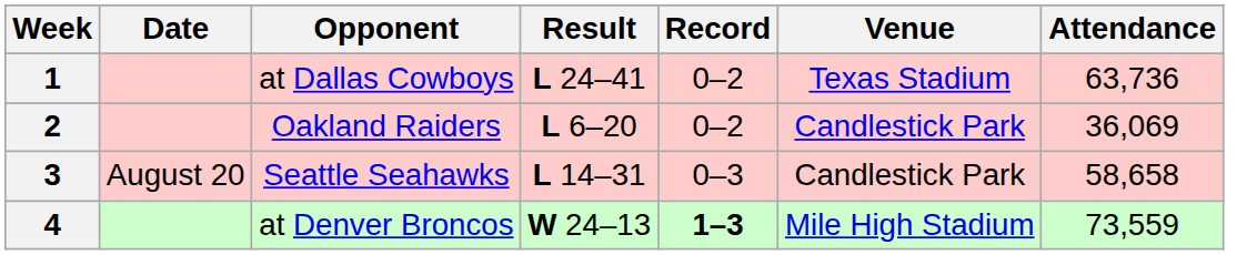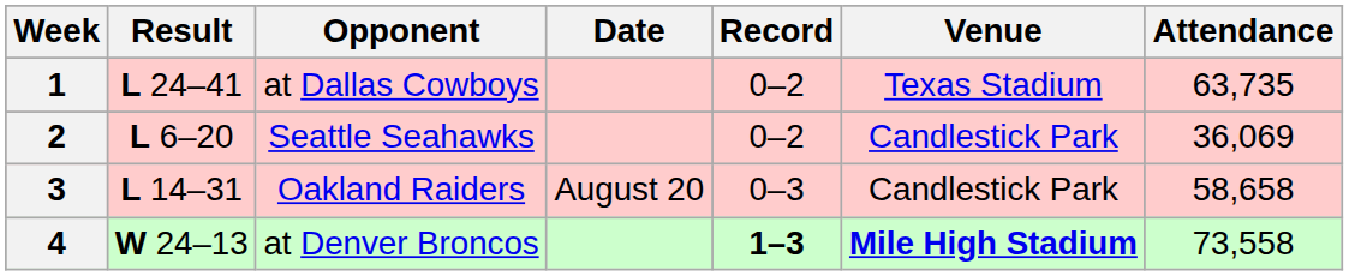 <table class="wikitable" style="text-align:center">
 <tr>
 <th>Week</th>
+<th>Result</th>
+<th>Opponent</th>
 <th>Date</th>
-<th>Opponent</th>
-<th>Result</th>
 <th>Record</th>
 <th>Venue</th>
 <th>Attendance</th>
 </tr>
 <tr style="background:#fcc">
 <th>1</th>
+<td><strong>L</strong> 24–41</td>
+<td>at <a href='#'>Dallas Cowboys</a></td>
 <td></td>
-<td>at <a href='#'>Dallas Cowboys</a></td>
-<td><strong>L</strong> 24–41</td>
 <td>0–2</td>
 <td><a href='#'>Texas Stadium</a></td>
-<td>63,736</td>
+<td>63,735</td>
 </tr>
 <tr style="background:#fcc">
 <th>2</th>
+<td><strong>L</strong> 6–20</td>
+<td><a href='#'>Seattle Seahawks</a></td>
 <td></td>
-<td><a href='#'>Oakland Raiders</a></td>
-<td><strong>L</strong> 6–20</td>
 <td>0–2</td>
 <td><a href='#'>Candlestick Park</a></td>
 <td>36,069</td>
 </tr>
 <tr style="background:#fcc">
 <th>3</th>
+<td><strong>L</strong> 14–31</td>
+<td><a href='#'>Oakland Raiders</a></td>
 <td>August 20</td>
-<td><a href='#'>Seattle Seahawks</a></td>
-<td><strong>L</strong> 14–31</td>
 <td>0–3</td>
 <td>Candlestick Park</td>
 <td>58,658</td>
 </tr>
 <tr style="background:#cfc">
 <th>4</th>
+<td><strong>W</strong> 24–13</td>
+<td>at <a href='#'>Denver Broncos</a></td>
 <td></td>
-<td>at <a href='#'>Denver Broncos</a></td>
-<td><strong>W</strong> 24–13</td>
 <td><strong>1–3</strong></td>
-<td><a href='#'>Mile High Stadium</a></td>
-<td>73,559</td>
+<td><strong><a href='#'>Mile High Stadium</a></strong></td>
+<td>73,558</td>
 </tr>
 </table>
